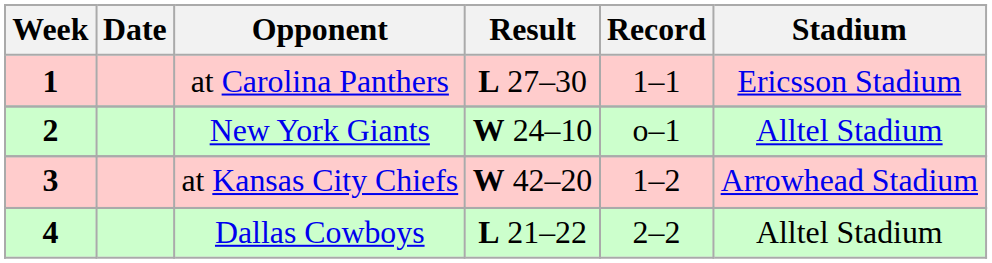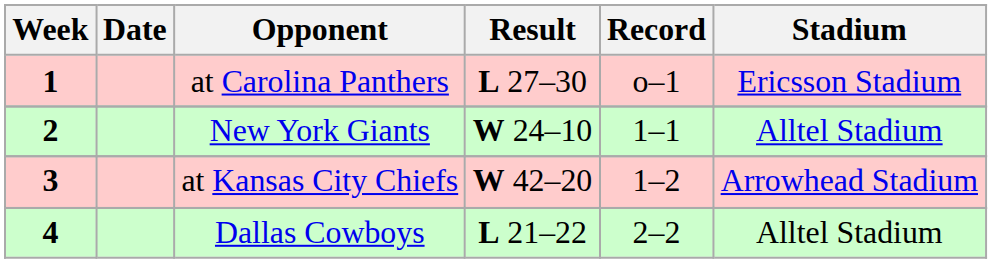 <table class="wikitable" style="text-align:center">
 <tr>
 <th>Week</th>
 <th>Date</th>
 <th>Opponent</th>
 <th>Result</th>
 <th>Record</th>
 <th>Stadium</th>
 </tr>
 <tr style="background: #fcc;">
 <td align="center"><strong>1</strong></td>
 <td></td>
 <td>at <a href='#'>Carolina Panthers</a></td>
 <td><strong>L</strong> 27–30</td>
-<td>1–1</td>
+<td>o–1</td>
 <td><a href='#'>Ericsson Stadium</a></td>
 </tr>
 <tr>
 </tr>
 <tr style="background: #cfc;">
 <td align="center"><strong>2</strong></td>
 <td></td>
 <td><a href='#'>New York Giants</a></td>
 <td><strong>W</strong> 24–10</td>
-<td>o–1</td>
+<td>1–1</td>
 <td><a href='#'>Alltel Stadium</a></td>
 </tr>
 <tr>
 </tr>
 <tr style="background: #fcc;">
 <td align="center"><strong>3</strong></td>
 <td></td>
 <td>at <a href='#'>Kansas City Chiefs</a></td>
 <td><strong>W</strong> 42–20</td>
 <td>1–2</td>
 <td><a href='#'>Arrowhead Stadium</a></td>
 </tr>
 <tr>
 </tr>
 <tr style="background: #cfc;">
 <td align="center"><strong>4</strong></td>
 <td></td>
 <td><a href='#'>Dallas Cowboys</a></td>
 <td><strong>L</strong> 21–22</td>
 <td>2–2</td>
 <td>Alltel Stadium</td>
 </tr>
 </table>
